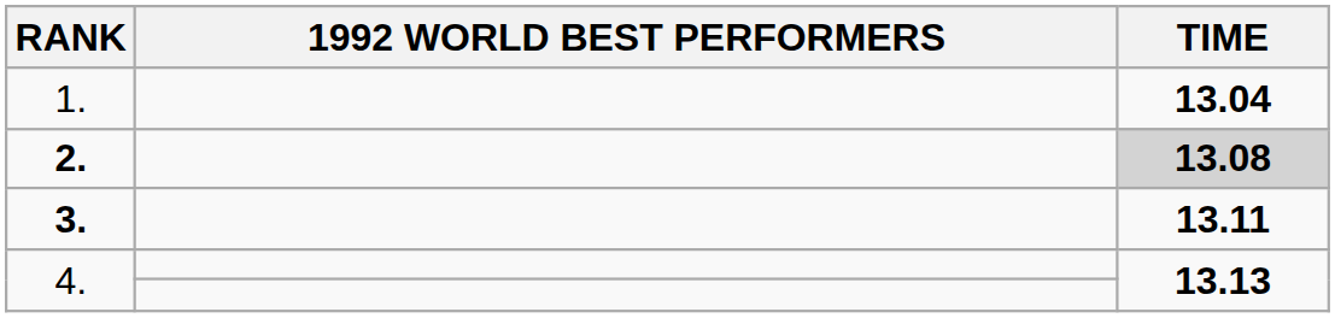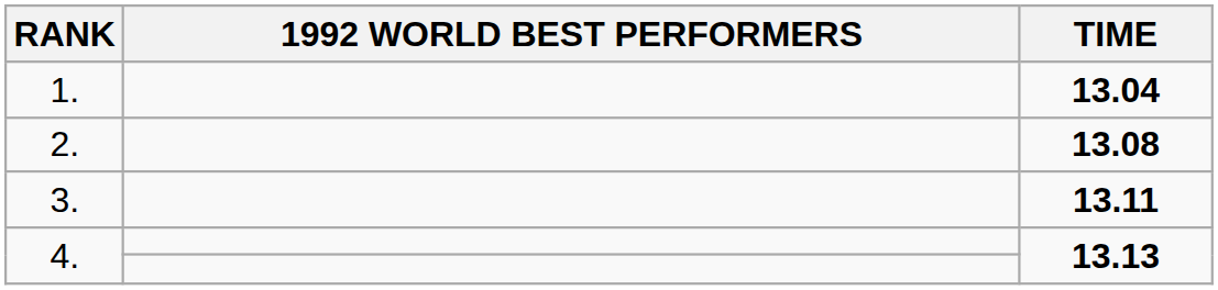 <table class="wikitable" style="border-collapse: collapse; font-size: 90%;">
 <tr>
 <th>RANK</th>
 <th align="center" style="width: 25em">1992 WORLD BEST PERFORMERS</th>
 <th align="center" style="width: 5em">TIME</th>
 </tr>
 <tr>
 <td align="center">1.</td>
 <td></td>
 <td align="center"><strong>13.04</strong></td>
 </tr>
 <tr>
-<td align="center"><strong>2.</strong></td>
+<td align="center">2.</td>
 <td></td>
-<td align="center" style="background: lightgrey;"><strong>13.08</strong></td>
+<td align="center"><strong>13.08</strong></td>
 </tr>
 <tr>
-<td align="center"><strong>3.</strong></td>
+<td align="center">3.</td>
 <td></td>
 <td align="center"><strong>13.11</strong></td>
 </tr>
 <tr>
 <td rowspan=2 align="center">4.</td>
 <td></td>
 <td rowspan=2 align="center"><strong>13.13</strong></td>
 </tr>
 <tr>
 <td></td>
 </tr>
 </table>
